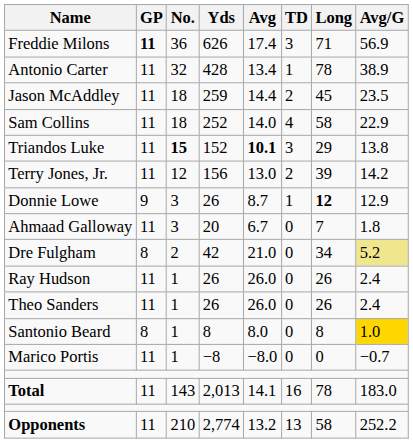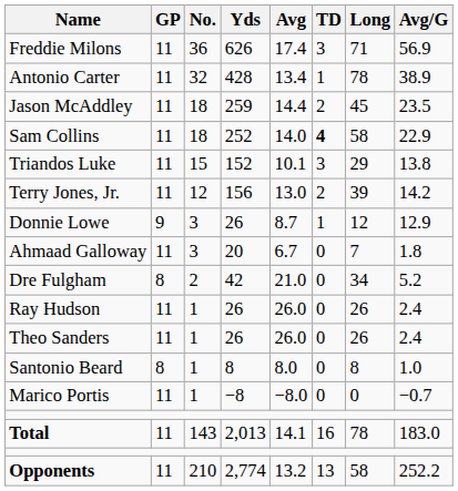 <table class="wikitable" style="white-space:nowrap;">
 <tr>
 <th>Name</th>
 <th>GP</th>
 <th>No.</th>
 <th>Yds</th>
 <th>Avg</th>
 <th>TD</th>
 <th>Long</th>
 <th>Avg/G</th>
 </tr>
 <tr>
 <td>Freddie Milons</td>
-<td><strong>11</strong></td>
+<td>11</td>
 <td>36</td>
 <td>626</td>
 <td>17.4</td>
 <td>3</td>
 <td>71</td>
 <td>56.9</td>
 </tr>
 <tr>
 <td>Antonio Carter</td>
 <td>11</td>
 <td>32</td>
 <td>428</td>
 <td>13.4</td>
 <td>1</td>
 <td>78</td>
 <td>38.9</td>
 </tr>
 <tr>
 <td>Jason McAddley</td>
 <td>11</td>
 <td>18</td>
 <td>259</td>
 <td>14.4</td>
 <td>2</td>
 <td>45</td>
 <td>23.5</td>
 </tr>
 <tr>
 <td>Sam Collins</td>
 <td>11</td>
 <td>18</td>
 <td>252</td>
 <td>14.0</td>
-<td>4</td>
+<td><strong>4</strong></td>
 <td>58</td>
 <td>22.9</td>
 </tr>
 <tr>
 <td>Triandos Luke</td>
 <td>11</td>
-<td><strong>15</strong></td>
+<td>15</td>
 <td>152</td>
-<td><strong>10.1</strong></td>
+<td>10.1</td>
 <td>3</td>
 <td>29</td>
 <td>13.8</td>
 </tr>
 <tr>
 <td>Terry Jones, Jr.</td>
 <td>11</td>
 <td>12</td>
 <td>156</td>
 <td>13.0</td>
 <td>2</td>
 <td>39</td>
 <td>14.2</td>
 </tr>
 <tr>
 <td>Donnie Lowe</td>
 <td>9</td>
 <td>3</td>
 <td>26</td>
 <td>8.7</td>
 <td>1</td>
-<td><strong>12</strong></td>
+<td>12</td>
 <td>12.9</td>
 </tr>
 <tr>
 <td>Ahmaad Galloway</td>
 <td>11</td>
 <td>3</td>
 <td>20</td>
 <td>6.7</td>
 <td>0</td>
 <td>7</td>
 <td>1.8</td>
 </tr>
 <tr>
 <td>Dre Fulgham</td>
 <td>8</td>
 <td>2</td>
 <td>42</td>
 <td>21.0</td>
 <td>0</td>
 <td>34</td>
-<td style="background: khaki;">5.2</td>
+<td>5.2</td>
 </tr>
 <tr>
 <td>Ray Hudson</td>
 <td>11</td>
 <td>1</td>
 <td>26</td>
 <td>26.0</td>
 <td>0</td>
 <td>26</td>
 <td>2.4</td>
 </tr>
 <tr>
 <td>Theo Sanders</td>
 <td>11</td>
 <td>1</td>
 <td>26</td>
 <td>26.0</td>
 <td>0</td>
 <td>26</td>
 <td>2.4</td>
 </tr>
 <tr>
 <td>Santonio Beard</td>
 <td>8</td>
 <td>1</td>
 <td>8</td>
 <td>8.0</td>
 <td>0</td>
 <td>8</td>
-<td style="background: gold;">1.0</td>
+<td>1.0</td>
 </tr>
 <tr>
 <td>Marico Portis</td>
 <td>11</td>
 <td>1</td>
 <td>−8</td>
 <td>−8.0</td>
 <td>0</td>
 <td>0</td>
 <td>−0.7</td>
 </tr>
 <tr>
 <td colspan=9></td>
 </tr>
 <tr>
 <td><strong>Total</strong></td>
 <td>11</td>
 <td>143</td>
 <td>2,013</td>
 <td>14.1</td>
 <td>16</td>
 <td>78</td>
 <td>183.0</td>
 </tr>
 <tr>
 <td colspan=9></td>
 </tr>
 <tr>
 <td><strong>Opponents</strong></td>
 <td>11</td>
 <td>210</td>
 <td>2,774</td>
 <td>13.2</td>
 <td>13</td>
 <td>58</td>
 <td>252.2</td>
 </tr>
 </table>
